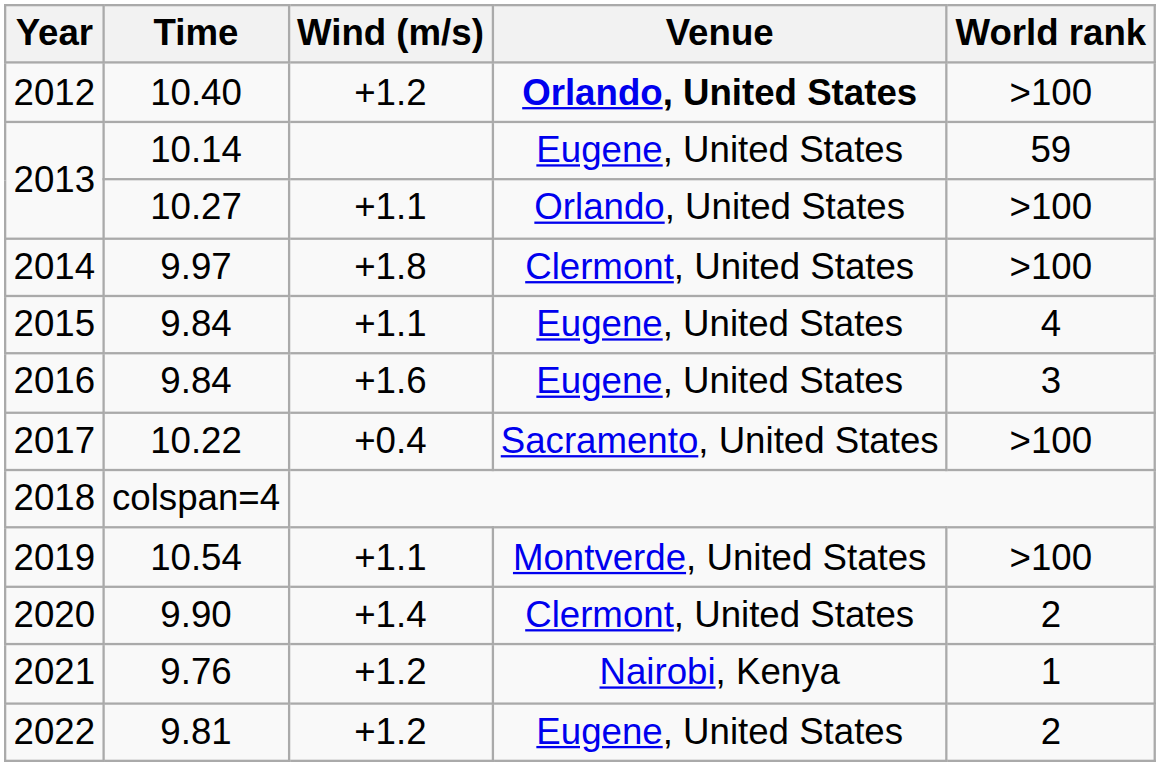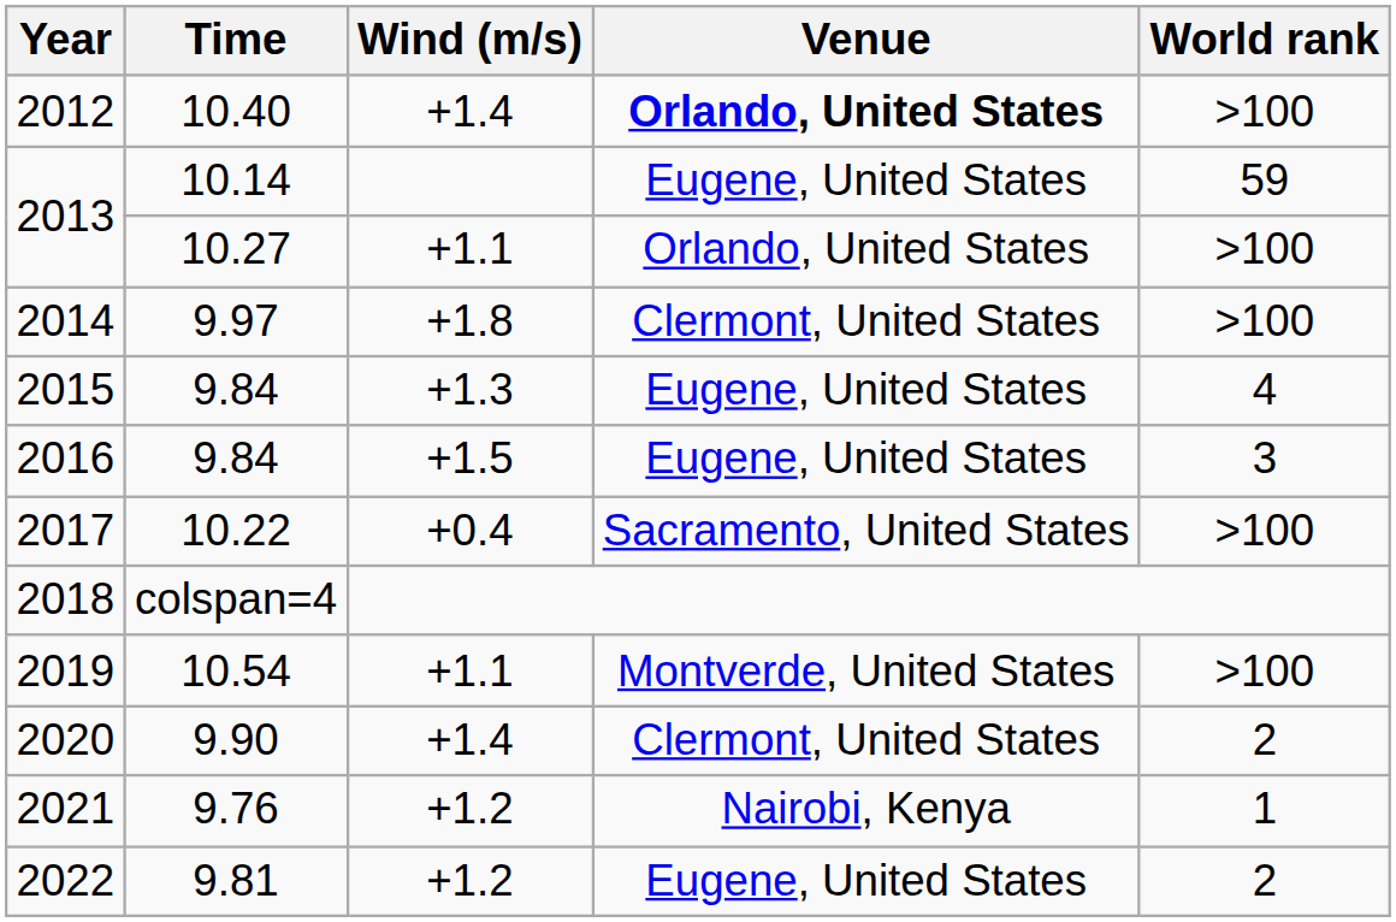 <table class="wikitable sortable" style=text-align:center>
 <tr>
 <th>Year</th>
 <th>Time</th>
 <th>Wind (m/s)</th>
 <th>Venue</th>
 <th>World rank</th>
 </tr>
 <tr>
 <td>2012</td>
 <td>10.40</td>
-<td>+1.2</td>
+<td>+1.4</td>
 <td><strong><a href='#'>Orlando</a>, United States</strong></td>
 <td data-sort-value=101>>100</td>
 </tr>
 <tr>
 <td rowspan=2>2013</td>
 <td>10.14</td>
 <td></td>
 <td><a href='#'>Eugene</a>, United States</td>
 <td>59</td>
 </tr>
 <tr>
 <td>10.27</td>
 <td>+1.1</td>
 <td><a href='#'>Orlando</a>, United States</td>
 <td data-sort-value=101>>100</td>
 </tr>
 <tr>
 <td>2014</td>
 <td>9.97</td>
 <td>+1.8</td>
 <td><a href='#'>Clermont</a>, United States</td>
 <td data-sort-value=101>>100</td>
 </tr>
 <tr>
 <td>2015</td>
 <td>9.84</td>
-<td>+1.1</td>
+<td>+1.3</td>
 <td><a href='#'>Eugene</a>, United States</td>
 <td>4</td>
 </tr>
 <tr>
 <td>2016</td>
 <td>9.84</td>
-<td>+1.6</td>
+<td>+1.5</td>
 <td><a href='#'>Eugene</a>, United States</td>
 <td>3</td>
 </tr>
 <tr>
 <td>2017</td>
 <td>10.22</td>
 <td>+0.4</td>
 <td><a href='#'>Sacramento</a>, United States</td>
 <td data-sort-value=101>>100</td>
 </tr>
 <tr>
 <td>2018</td>
 <td>colspan=4 </td>
 </tr>
 <tr>
 <td>2019</td>
 <td>10.54</td>
 <td>+1.1</td>
 <td><a href='#'>Montverde</a>, United States</td>
 <td data-sort-value=101>>100</td>
 </tr>
 <tr>
 <td>2020</td>
 <td>9.90</td>
 <td>+1.4</td>
 <td><a href='#'>Clermont</a>, United States</td>
 <td>2</td>
 </tr>
 <tr>
 <td>2021</td>
 <td>9.76</td>
 <td>+1.2</td>
 <td><a href='#'>Nairobi</a>, Kenya</td>
 <td>1</td>
 </tr>
 <tr>
 <td>2022</td>
 <td>9.81</td>
 <td>+1.2</td>
 <td><a href='#'>Eugene</a>, United States</td>
 <td>2</td>
 </tr>
 </table>
